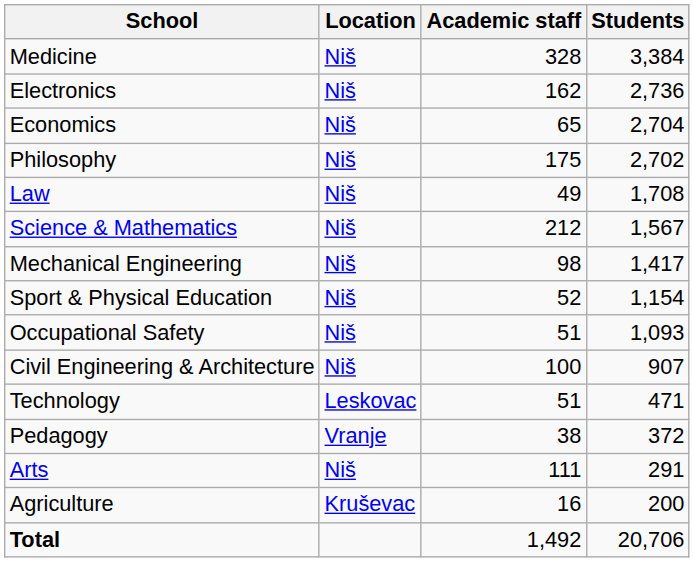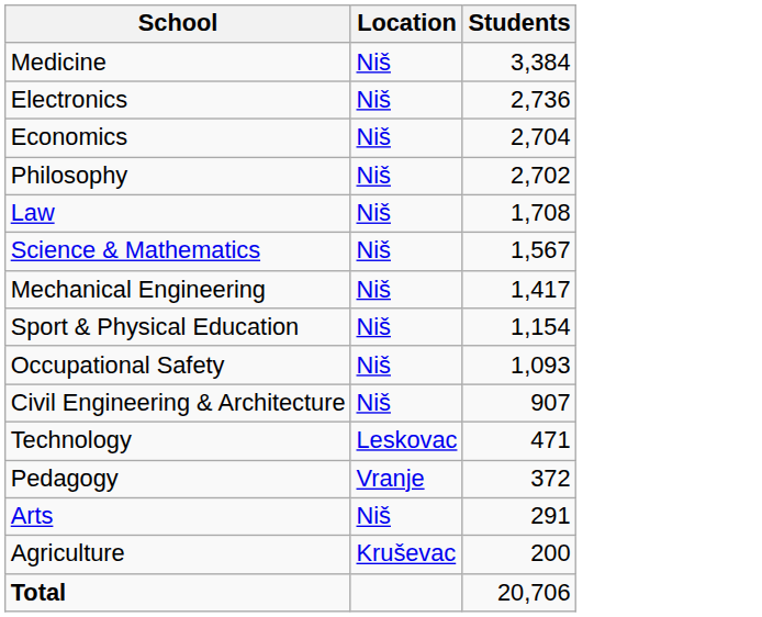 <table class="wikitable sortable">
 <tr>
 <th>School</th>
 <th>Location</th>
-<th>Academic staff</th>
 <th>Students</th>
 </tr>
 <tr>
 <td>Medicine</td>
 <td><a href='#'>Niš</a></td>
-<td style="text-align:right">328</td>
 <td style="text-align:right">3,384</td>
 </tr>
 <tr>
 <td>Electronics</td>
 <td><a href='#'>Niš</a></td>
-<td style="text-align:right">162</td>
 <td style="text-align:right">2,736</td>
 </tr>
 <tr>
 <td>Economics</td>
 <td><a href='#'>Niš</a></td>
-<td style="text-align:right">65</td>
 <td style="text-align:right">2,704</td>
 </tr>
 <tr>
 <td>Philosophy</td>
 <td><a href='#'>Niš</a></td>
-<td style="text-align:right">175</td>
 <td style="text-align:right">2,702</td>
 </tr>
 <tr>
 <td><a href='#'>Law</a></td>
 <td><a href='#'>Niš</a></td>
-<td style="text-align:right">49</td>
 <td style="text-align:right">1,708</td>
 </tr>
 <tr>
 <td><a href='#'>Science & Mathematics</a></td>
 <td><a href='#'>Niš</a></td>
-<td style="text-align:right">212</td>
 <td style="text-align:right">1,567</td>
 </tr>
 <tr>
 <td>Mechanical Engineering</td>
 <td><a href='#'>Niš</a></td>
-<td style="text-align:right">98</td>
 <td style="text-align:right">1,417</td>
 </tr>
 <tr>
 <td>Sport & Physical Education</td>
 <td><a href='#'>Niš</a></td>
-<td style="text-align:right">52</td>
 <td style="text-align:right">1,154</td>
 </tr>
 <tr>
 <td>Occupational Safety</td>
 <td><a href='#'>Niš</a></td>
-<td style="text-align:right">51</td>
 <td style="text-align:right">1,093</td>
 </tr>
 <tr>
 <td>Civil Engineering & Architecture</td>
 <td><a href='#'>Niš</a></td>
-<td style="text-align:right">100</td>
 <td style="text-align:right">907</td>
 </tr>
 <tr>
 <td>Technology</td>
 <td><a href='#'>Leskovac</a></td>
-<td style="text-align:right">51</td>
 <td style="text-align:right">471</td>
 </tr>
 <tr>
 <td>Pedagogy</td>
 <td><a href='#'>Vranje</a></td>
-<td style="text-align:right">38</td>
 <td style="text-align:right">372</td>
 </tr>
 <tr>
 <td><a href='#'>Arts</a></td>
 <td><a href='#'>Niš</a></td>
-<td style="text-align:right">111</td>
 <td style="text-align:right">291</td>
 </tr>
 <tr>
 <td>Agriculture</td>
 <td><a href='#'>Kruševac</a></td>
-<td style="text-align:right">16</td>
 <td style="text-align:right">200</td>
 </tr>
 <tr class="sortbottom">
 <td><strong>Total</strong></td>
 <td></td>
-<td style="text-align:right">1,492</td>
 <td style="text-align:right">20,706</td>
 </tr>
 </table>
